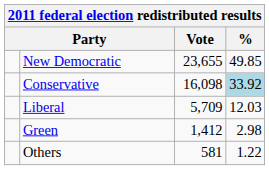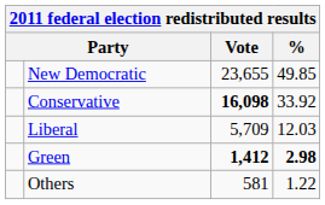 <table class="wikitable">
 <tr>
 <th colspan="4"><a href='#'>2011 federal election</a> redistributed results</th>
 </tr>
 <tr>
 <th bgcolor="#DDDDFF" width="130px" colspan="2">Party</th>
 <th bgcolor="#DDDDFF" width="50px">Vote</th>
 <th bgcolor="#DDDDFF" width="30px">%</th>
 </tr>
 <tr>
 <td> </td>
 <td><a href='#'>New Democratic</a></td>
 <td align=right>23,655</td>
 <td align=right>49.85</td>
 </tr>
 <tr>
 <td> </td>
 <td><a href='#'>Conservative</a></td>
-<td align=right>16,098</td>
-<td align=right style="background: lightblue;">33.92</td>
+<td align=right><strong>16,098</strong></td>
+<td align=right>33.92</td>
 </tr>
 <tr>
 <td> </td>
 <td><a href='#'>Liberal</a></td>
 <td align=right>5,709</td>
 <td align=right>12.03</td>
 </tr>
 <tr>
 <td> </td>
 <td><a href='#'>Green</a></td>
-<td align=right>1,412</td>
-<td align=right>2.98</td>
+<td align=right><strong>1,412</strong></td>
+<td align=right><strong>2.98</strong></td>
 </tr>
 <tr>
 <td> </td>
 <td>Others</td>
 <td align=right>581</td>
 <td align=right>1.22</td>
 </tr>
 </table>
